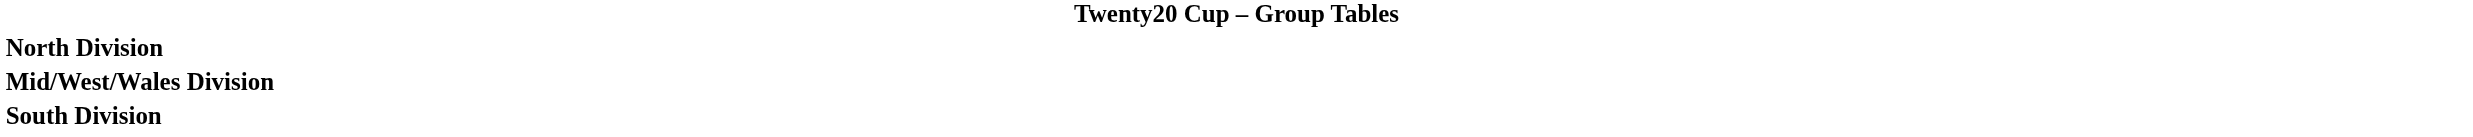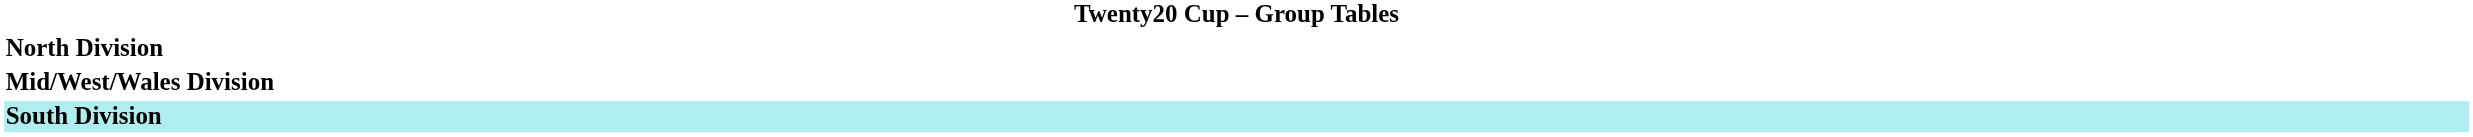 <table class="toccolours collapsible collapsed" width=100%>
 <tr>
 <th colspan="1"><strong>Twenty20 Cup – Group Tables</strong></th>
 </tr>
 <tr>
 <td colspan="1"><strong>North Division</strong><br>       </td>
 </tr>
 <tr>
 <td colspan="1"><strong>Mid/West/Wales Division</strong><br>       </td>
 </tr>
 <tr>
-<td colspan="1"><strong>South Division</strong><br>       </td>
+<td colspan="1" style="background: paleturquoise;"><strong>South Division</strong><br>       </td>
 </tr>
 </table>
